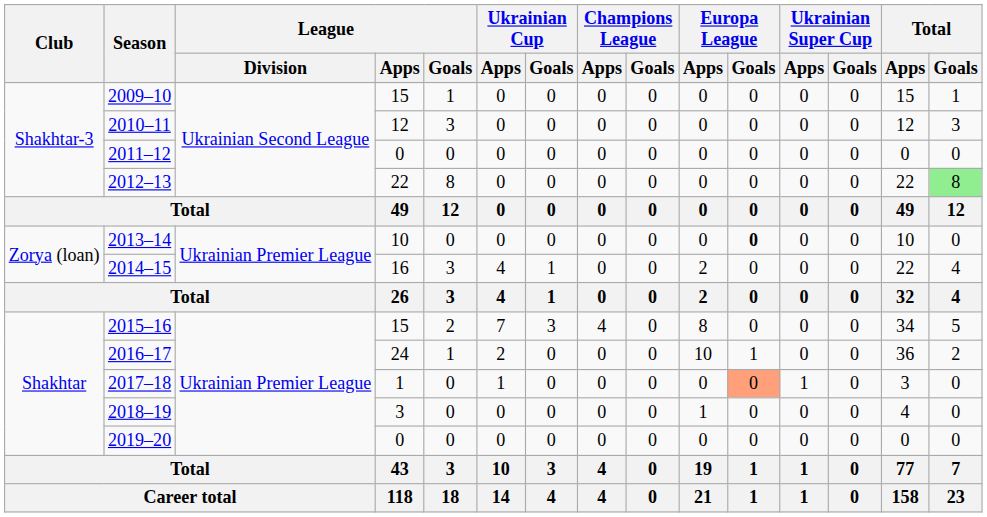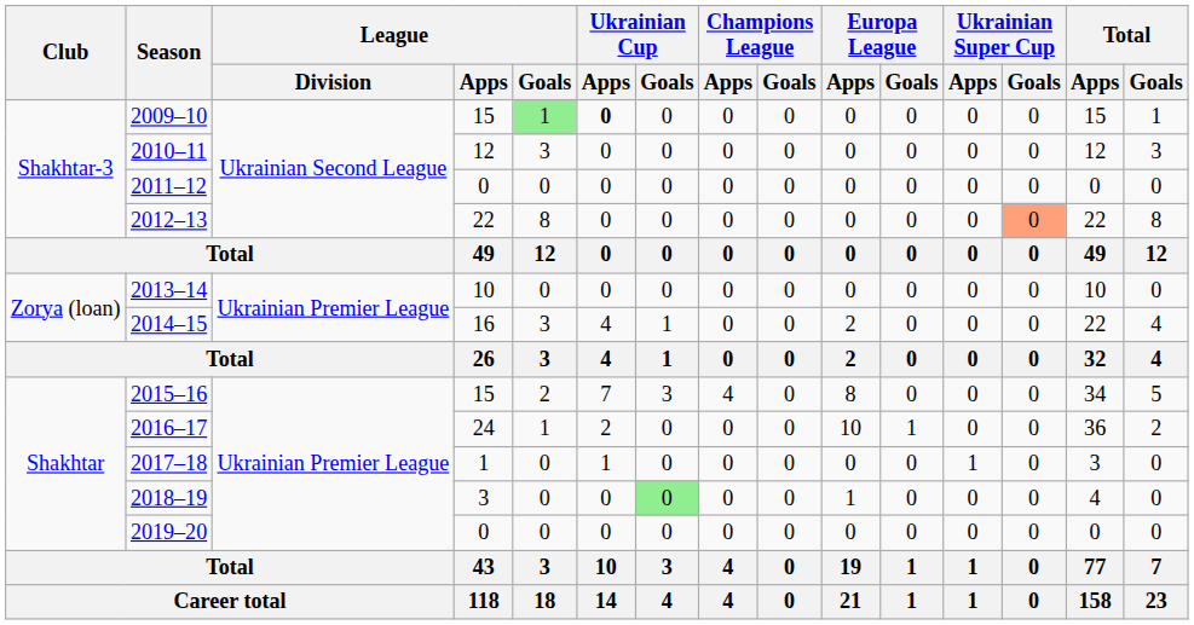 <table class="wikitable" style="text-align:center">
 <tr>
 <th rowspan="2">Club</th>
 <th rowspan="2">Season</th>
 <th colspan="3">League</th>
 <th colspan="2"><a href='#'>Ukrainian<br>Cup</a></th>
 <th colspan="2"><a href='#'>Champions<br>League</a></th>
 <th colspan="2"><a href='#'>Europa<br>League</a></th>
 <th colspan="2"><a href='#'>Ukrainian<br>Super Cup</a></th>
 <th colspan="2">Total</th>
 </tr>
 <tr>
 <th>Division</th>
 <th>Apps</th>
 <th>Goals</th>
 <th>Apps</th>
 <th>Goals</th>
 <th>Apps</th>
 <th>Goals</th>
 <th>Apps</th>
 <th>Goals</th>
 <th>Apps</th>
 <th>Goals</th>
 <th>Apps</th>
 <th>Goals</th>
 </tr>
 <tr>
 <td rowspan="4"><a href='#'>Shakhtar-3</a></td>
 <td><a href='#'>2009–10</a></td>
 <td rowspan="4"><a href='#'>Ukrainian Second League</a></td>
 <td>15</td>
-<td>1</td>
-<td>0</td>
+<td style="background: lightgreen;">1</td>
+<td><strong>0</strong></td>
 <td>0</td>
 <td>0</td>
 <td>0</td>
 <td>0</td>
 <td>0</td>
 <td>0</td>
 <td>0</td>
 <td>15</td>
 <td>1</td>
 </tr>
 <tr>
 <td><a href='#'>2010–11</a></td>
 <td>12</td>
 <td>3</td>
 <td>0</td>
 <td>0</td>
 <td>0</td>
 <td>0</td>
 <td>0</td>
 <td>0</td>
 <td>0</td>
 <td>0</td>
 <td>12</td>
 <td>3</td>
 </tr>
 <tr>
 <td><a href='#'>2011–12</a></td>
 <td>0</td>
 <td>0</td>
 <td>0</td>
 <td>0</td>
 <td>0</td>
 <td>0</td>
 <td>0</td>
 <td>0</td>
 <td>0</td>
 <td>0</td>
 <td>0</td>
 <td>0</td>
 </tr>
 <tr>
 <td><a href='#'>2012–13</a></td>
 <td>22</td>
 <td>8</td>
 <td>0</td>
 <td>0</td>
 <td>0</td>
 <td>0</td>
 <td>0</td>
 <td>0</td>
 <td>0</td>
-<td>0</td>
+<td style="background: lightsalmon;">0</td>
 <td>22</td>
-<td style="background: lightgreen;">8</td>
+<td>8</td>
 </tr>
 <tr>
 <th colspan="3">Total</th>
 <th>49</th>
 <th>12</th>
 <th>0</th>
 <th>0</th>
 <th>0</th>
 <th>0</th>
 <th>0</th>
 <th>0</th>
 <th>0</th>
 <th>0</th>
 <th>49</th>
 <th>12</th>
 </tr>
 <tr>
 <td rowspan="2"><a href='#'>Zorya</a> (loan)</td>
 <td><a href='#'>2013–14</a></td>
 <td rowspan="2"><a href='#'>Ukrainian Premier League</a></td>
 <td>10</td>
 <td>0</td>
 <td>0</td>
 <td>0</td>
 <td>0</td>
 <td>0</td>
 <td>0</td>
-<td><strong>0</strong></td>
+<td>0</td>
 <td>0</td>
 <td>0</td>
 <td>10</td>
 <td>0</td>
 </tr>
 <tr>
 <td><a href='#'>2014–15</a></td>
 <td>16</td>
 <td>3</td>
 <td>4</td>
 <td>1</td>
 <td>0</td>
 <td>0</td>
 <td>2</td>
 <td>0</td>
 <td>0</td>
 <td>0</td>
 <td>22</td>
 <td>4</td>
 </tr>
 <tr>
 <th colspan="3">Total</th>
 <th>26</th>
 <th>3</th>
 <th>4</th>
 <th>1</th>
 <th>0</th>
 <th>0</th>
 <th>2</th>
 <th>0</th>
 <th>0</th>
 <th>0</th>
 <th>32</th>
 <th>4</th>
 </tr>
 <tr>
 <td rowspan="5"><a href='#'>Shakhtar</a></td>
 <td><a href='#'>2015–16</a></td>
 <td rowspan="5"><a href='#'>Ukrainian Premier League</a></td>
 <td>15</td>
 <td>2</td>
 <td>7</td>
 <td>3</td>
 <td>4</td>
 <td>0</td>
 <td>8</td>
 <td>0</td>
 <td>0</td>
 <td>0</td>
 <td>34</td>
 <td>5</td>
 </tr>
 <tr>
 <td><a href='#'>2016–17</a></td>
 <td>24</td>
 <td>1</td>
 <td>2</td>
 <td>0</td>
 <td>0</td>
 <td>0</td>
 <td>10</td>
 <td>1</td>
 <td>0</td>
 <td>0</td>
 <td>36</td>
 <td>2</td>
 </tr>
 <tr>
 <td><a href='#'>2017–18</a></td>
 <td>1</td>
 <td>0</td>
 <td>1</td>
 <td>0</td>
 <td>0</td>
 <td>0</td>
 <td>0</td>
-<td style="background: lightsalmon;">0</td>
+<td>0</td>
 <td>1</td>
 <td>0</td>
 <td>3</td>
 <td>0</td>
 </tr>
 <tr>
 <td><a href='#'>2018–19</a></td>
 <td>3</td>
 <td>0</td>
 <td>0</td>
-<td>0</td>
+<td style="background: lightgreen;">0</td>
 <td>0</td>
 <td>0</td>
 <td>1</td>
 <td>0</td>
 <td>0</td>
 <td>0</td>
 <td>4</td>
 <td>0</td>
 </tr>
 <tr>
 <td><a href='#'>2019–20</a></td>
 <td>0</td>
 <td>0</td>
 <td>0</td>
 <td>0</td>
 <td>0</td>
 <td>0</td>
 <td>0</td>
 <td>0</td>
 <td>0</td>
 <td>0</td>
 <td>0</td>
 <td>0</td>
 </tr>
 <tr>
 <th colspan="3">Total</th>
 <th>43</th>
 <th>3</th>
 <th>10</th>
 <th>3</th>
 <th>4</th>
 <th>0</th>
 <th>19</th>
 <th>1</th>
 <th>1</th>
 <th>0</th>
 <th>77</th>
 <th>7</th>
 </tr>
 <tr>
 <th colspan="3">Career total</th>
 <th>118</th>
 <th>18</th>
 <th>14</th>
 <th>4</th>
 <th>4</th>
 <th>0</th>
 <th>21</th>
 <th>1</th>
 <th>1</th>
 <th>0</th>
 <th>158</th>
 <th>23</th>
 </tr>
 </table>
